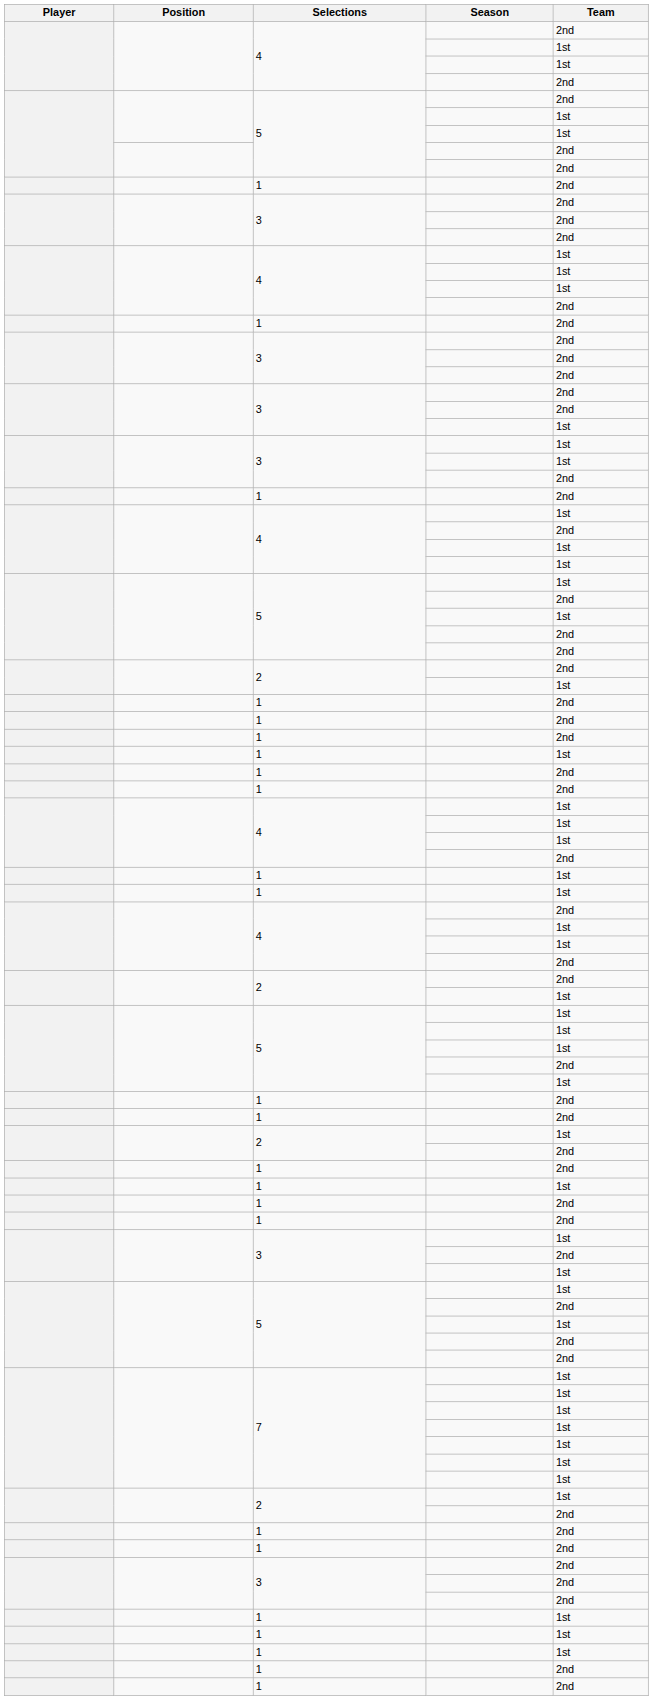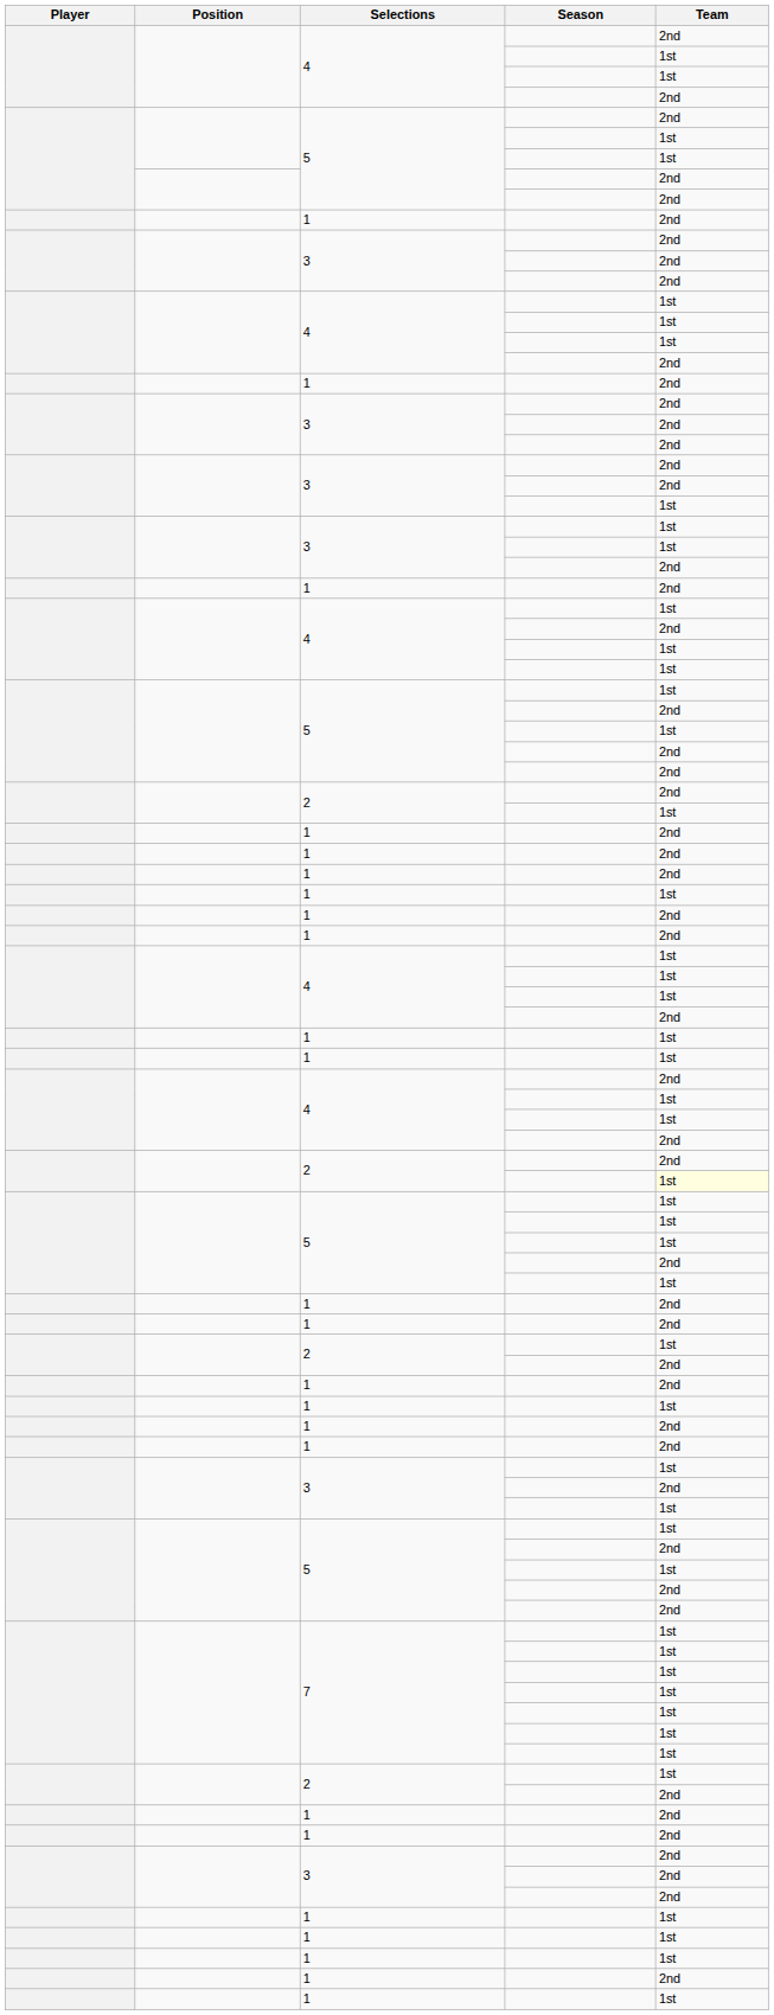 <table class="wikitable sortable" width="75%">
 <tr>
 <th scope="col">Player</th>
 <th scope="col">Position</th>
 <th scope="col">Selections</th>
 <th scope="col">Season</th>
 <th scope="col">Team</th>
 </tr>
 <tr>
 <th scope="row" rowspan="4"></th>
 <td rowspan="4"></td>
 <td rowspan="4">4</td>
 <td></td>
 <td>2nd</td>
 </tr>
 <tr>
 <td></td>
 <td>1st</td>
 </tr>
 <tr>
 <td></td>
 <td>1st</td>
 </tr>
 <tr>
 <td></td>
 <td>2nd</td>
 </tr>
 <tr>
 <th scope="row" rowspan="5"></th>
 <td rowspan="3"></td>
 <td rowspan="5">5</td>
 <td></td>
 <td>2nd</td>
 </tr>
 <tr>
 <td></td>
 <td>1st</td>
 </tr>
 <tr>
 <td></td>
 <td>1st</td>
 </tr>
 <tr>
 <td rowspan="2"></td>
 <td></td>
 <td>2nd</td>
 </tr>
 <tr>
 <td></td>
 <td>2nd</td>
 </tr>
 <tr>
 <th scope="row"></th>
 <td></td>
 <td>1</td>
 <td></td>
 <td>2nd</td>
 </tr>
 <tr>
 <th scope="row" rowspan="3"></th>
 <td rowspan="3"></td>
 <td rowspan="3">3</td>
 <td></td>
 <td>2nd</td>
 </tr>
 <tr>
 <td></td>
 <td>2nd</td>
 </tr>
 <tr>
 <td></td>
 <td>2nd</td>
 </tr>
 <tr>
 <th scope="row" rowspan="4"></th>
 <td rowspan="4"></td>
 <td rowspan="4">4</td>
 <td></td>
 <td>1st</td>
 </tr>
 <tr>
 <td></td>
 <td>1st</td>
 </tr>
 <tr>
 <td></td>
 <td>1st</td>
 </tr>
 <tr>
 <td></td>
 <td>2nd</td>
 </tr>
 <tr>
 <th scope="row"></th>
 <td></td>
 <td>1</td>
 <td></td>
 <td>2nd</td>
 </tr>
 <tr>
 <th scope="row" rowspan="3"></th>
 <td rowspan="3"></td>
 <td rowspan="3">3</td>
 <td></td>
 <td>2nd</td>
 </tr>
 <tr>
 <td></td>
 <td>2nd</td>
 </tr>
 <tr>
 <td></td>
 <td>2nd</td>
 </tr>
 <tr>
 <th scope="row" rowspan="3"></th>
 <td rowspan="3"></td>
 <td rowspan="3">3</td>
 <td></td>
 <td>2nd</td>
 </tr>
 <tr>
 <td></td>
 <td>2nd</td>
 </tr>
 <tr>
 <td></td>
 <td>1st</td>
 </tr>
 <tr>
 <th scope="row" rowspan="3"></th>
 <td rowspan="3"></td>
 <td rowspan="3">3</td>
 <td></td>
 <td>1st</td>
 </tr>
 <tr>
 <td></td>
 <td>1st</td>
 </tr>
 <tr>
 <td></td>
 <td>2nd</td>
 </tr>
 <tr>
 <th scope="row"></th>
 <td></td>
 <td>1</td>
 <td></td>
 <td>2nd</td>
 </tr>
 <tr>
 <th scope="row" rowspan="4"></th>
 <td rowspan="4"></td>
 <td rowspan="4">4</td>
 <td></td>
 <td>1st</td>
 </tr>
 <tr>
 <td></td>
 <td>2nd</td>
 </tr>
 <tr>
 <td></td>
 <td>1st</td>
 </tr>
 <tr>
 <td></td>
 <td>1st</td>
 </tr>
 <tr>
 <th scope="row" rowspan="5"></th>
 <td rowspan="5"></td>
 <td rowspan="5">5</td>
 <td></td>
 <td>1st</td>
 </tr>
 <tr>
 <td></td>
 <td>2nd</td>
 </tr>
 <tr>
 <td></td>
 <td>1st</td>
 </tr>
 <tr>
 <td></td>
 <td>2nd</td>
 </tr>
 <tr>
 <td></td>
 <td>2nd</td>
 </tr>
 <tr>
 <th scope="row" rowspan="2"></th>
 <td rowspan="2"></td>
 <td rowspan="2">2</td>
 <td></td>
 <td>2nd</td>
 </tr>
 <tr>
 <td></td>
 <td>1st</td>
 </tr>
 <tr>
 <th scope="row"></th>
 <td></td>
 <td>1</td>
 <td></td>
 <td>2nd</td>
 </tr>
 <tr>
 <th scope="row"></th>
 <td></td>
 <td>1</td>
 <td></td>
 <td>2nd</td>
 </tr>
 <tr>
 <th scope="row"></th>
 <td></td>
 <td>1</td>
 <td></td>
 <td>2nd</td>
 </tr>
 <tr>
 <th scope="row"></th>
 <td></td>
 <td>1</td>
 <td></td>
 <td>1st</td>
 </tr>
 <tr>
 <th scope="row"></th>
 <td></td>
 <td>1</td>
 <td></td>
 <td>2nd</td>
 </tr>
 <tr>
 <th scope="row"></th>
 <td></td>
 <td>1</td>
 <td></td>
 <td>2nd</td>
 </tr>
 <tr>
 <th scope="row" rowspan="4"></th>
 <td rowspan="4"></td>
 <td rowspan="4">4</td>
 <td></td>
 <td>1st</td>
 </tr>
 <tr>
 <td></td>
 <td>1st</td>
 </tr>
 <tr>
 <td></td>
 <td>1st</td>
 </tr>
 <tr>
 <td></td>
 <td>2nd</td>
 </tr>
 <tr>
 <th scope="row"></th>
 <td></td>
 <td>1</td>
 <td></td>
 <td>1st</td>
 </tr>
 <tr>
 <th scope="row"></th>
 <td></td>
 <td>1</td>
 <td></td>
 <td>1st</td>
 </tr>
 <tr>
 <th scope="row" rowspan="4"></th>
 <td rowspan="4"></td>
 <td rowspan="4">4</td>
 <td></td>
 <td>2nd</td>
 </tr>
 <tr>
 <td></td>
 <td>1st</td>
 </tr>
 <tr>
 <td></td>
 <td>1st</td>
 </tr>
 <tr>
 <td></td>
 <td>2nd</td>
 </tr>
 <tr>
 <th scope="row" rowspan="2"></th>
 <td rowspan="2"></td>
 <td rowspan="2">2</td>
 <td></td>
 <td>2nd</td>
 </tr>
 <tr>
 <td></td>
-<td>1st</td>
+<td style="background: lightyellow;">1st</td>
 </tr>
 <tr>
 <th scope="row" rowspan="5"></th>
 <td rowspan="5"></td>
 <td rowspan="5">5</td>
 <td></td>
 <td>1st</td>
 </tr>
 <tr>
 <td></td>
 <td>1st</td>
 </tr>
 <tr>
 <td></td>
 <td>1st</td>
 </tr>
 <tr>
 <td></td>
 <td>2nd</td>
 </tr>
 <tr>
 <td></td>
 <td>1st</td>
 </tr>
 <tr>
 <th scope="row"></th>
 <td></td>
 <td>1</td>
 <td></td>
 <td>2nd</td>
 </tr>
 <tr>
 <th scope="row"></th>
 <td></td>
 <td>1</td>
 <td></td>
 <td>2nd</td>
 </tr>
 <tr>
 <th scope="row" rowspan="2"></th>
 <td rowspan="2"></td>
 <td rowspan="2">2</td>
 <td></td>
 <td>1st</td>
 </tr>
 <tr>
 <td></td>
 <td>2nd</td>
 </tr>
 <tr>
 <th scope="row"></th>
 <td></td>
 <td>1</td>
 <td></td>
 <td>2nd</td>
 </tr>
 <tr>
 <th scope="row"></th>
 <td></td>
 <td>1</td>
 <td></td>
 <td>1st</td>
 </tr>
 <tr>
 <th scope="row"></th>
 <td></td>
 <td>1</td>
 <td></td>
 <td>2nd</td>
 </tr>
 <tr>
 <th scope="row"></th>
 <td></td>
 <td>1</td>
 <td></td>
 <td>2nd</td>
 </tr>
 <tr>
 <th scope="row" rowspan="3"></th>
 <td rowspan="3"></td>
 <td rowspan="3">3</td>
 <td></td>
 <td>1st</td>
 </tr>
 <tr>
 <td></td>
 <td>2nd</td>
 </tr>
 <tr>
 <td></td>
 <td>1st</td>
 </tr>
 <tr>
 <th scope="row" rowspan="5"></th>
 <td rowspan="5"></td>
 <td rowspan="5">5</td>
 <td></td>
 <td>1st</td>
 </tr>
 <tr>
 <td></td>
 <td>2nd</td>
 </tr>
 <tr>
 <td></td>
 <td>1st</td>
 </tr>
 <tr>
 <td></td>
 <td>2nd</td>
 </tr>
 <tr>
 <td></td>
 <td>2nd</td>
 </tr>
 <tr>
 <th scope="row" rowspan="7"></th>
 <td rowspan="7"></td>
 <td rowspan="7">7</td>
 <td></td>
 <td>1st</td>
 </tr>
 <tr>
 <td></td>
 <td>1st</td>
 </tr>
 <tr>
 <td></td>
 <td>1st</td>
 </tr>
 <tr>
 <td></td>
 <td>1st</td>
 </tr>
 <tr>
 <td></td>
 <td>1st</td>
 </tr>
 <tr>
 <td></td>
 <td>1st</td>
 </tr>
 <tr>
 <td></td>
 <td>1st</td>
 </tr>
 <tr>
 <th scope="row" rowspan="2"></th>
 <td rowspan="2"></td>
 <td rowspan="2">2</td>
 <td></td>
 <td>1st</td>
 </tr>
 <tr>
 <td></td>
 <td>2nd</td>
 </tr>
 <tr>
 <th scope="row"></th>
 <td></td>
 <td>1</td>
 <td></td>
 <td>2nd</td>
 </tr>
 <tr>
 <th scope="row"></th>
 <td></td>
 <td>1</td>
 <td></td>
 <td>2nd</td>
 </tr>
 <tr>
 <th scope="row" rowspan="3"></th>
 <td rowspan="3"></td>
 <td rowspan="3">3</td>
 <td></td>
 <td>2nd</td>
 </tr>
 <tr>
 <td></td>
 <td>2nd</td>
 </tr>
 <tr>
 <td></td>
 <td>2nd</td>
 </tr>
 <tr>
 <th scope="row"></th>
 <td></td>
 <td>1</td>
 <td></td>
 <td>1st</td>
 </tr>
 <tr>
 <th scope="row"></th>
 <td></td>
 <td>1</td>
 <td></td>
 <td>1st</td>
 </tr>
 <tr>
 <th scope="row"></th>
 <td></td>
 <td>1</td>
 <td></td>
 <td>1st</td>
 </tr>
 <tr>
 <th scope="row"></th>
 <td></td>
 <td>1</td>
 <td></td>
 <td>2nd</td>
 </tr>
 <tr>
 <th scope="row"></th>
 <td></td>
 <td>1</td>
 <td></td>
-<td>2nd</td>
+<td>1st</td>
 </tr>
 </table>
